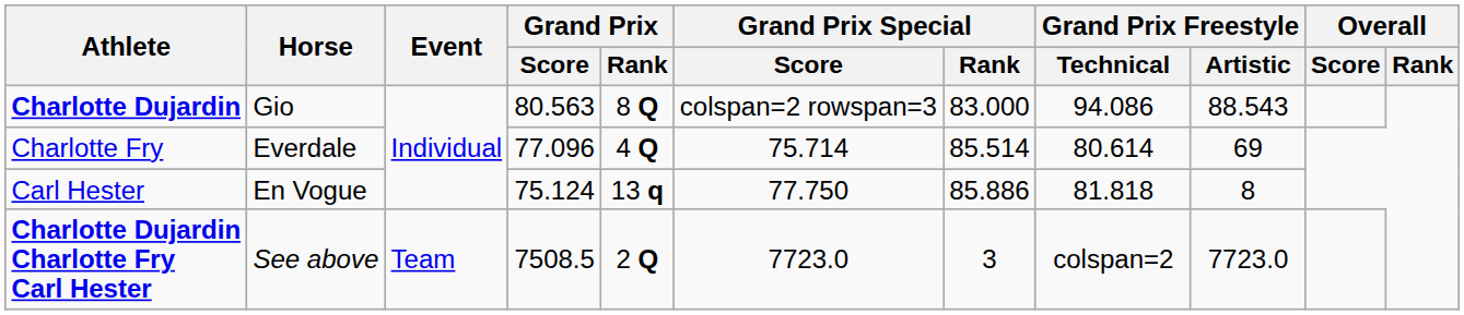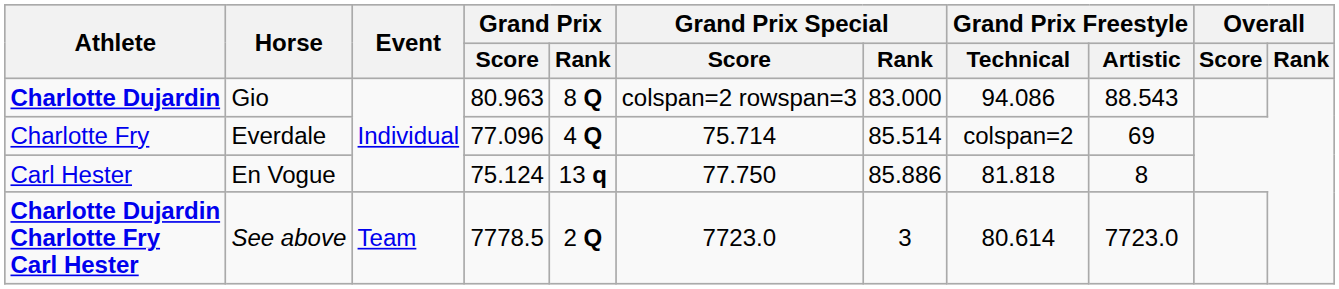 <table class=wikitable style=font-size:90%;text-align:center>
 <tr>
 <th rowspan=2>Athlete</th>
 <th rowspan=2>Horse</th>
 <th rowspan=2>Event</th>
 <th colspan=2>Grand Prix</th>
 <th colspan=2>Grand Prix Special</th>
 <th colspan=2>Grand Prix Freestyle</th>
 <th colspan=2>Overall</th>
 </tr>
 <tr style=font-size:95%>
 <th>Score</th>
 <th>Rank</th>
 <th>Score</th>
 <th>Rank</th>
 <th>Technical</th>
 <th>Artistic</th>
 <th>Score</th>
 <th>Rank</th>
 </tr>
 <tr>
 <td align=left><strong><a href='#'>Charlotte Dujardin</a></strong></td>
 <td align=left>Gio</td>
 <td rowspan=3 align=left><a href='#'>Individual</a></td>
-<td>80.563</td>
+<td>80.963</td>
 <td>8 <strong>Q</strong></td>
 <td>colspan=2 rowspan=3 </td>
 <td>83.000</td>
 <td>94.086</td>
 <td>88.543</td>
 <td></td>
 </tr>
 <tr>
 <td align=left><a href='#'>Charlotte Fry</a></td>
 <td align=left>Everdale</td>
 <td>77.096</td>
 <td>4 <strong>Q</strong></td>
 <td>75.714</td>
 <td>85.514</td>
-<td>80.614</td>
+<td>colspan=2 </td>
 <td>69</td>
 </tr>
 <tr>
 <td align=left><a href='#'>Carl Hester</a></td>
 <td align=left>En Vogue</td>
 <td>75.124</td>
 <td>13 <strong>q</strong></td>
 <td>77.750</td>
 <td>85.886</td>
 <td>81.818</td>
 <td>8</td>
 </tr>
 <tr>
 <td align=left><strong><a href='#'>Charlotte Dujardin</a><br><a href='#'>Charlotte Fry</a><br><a href='#'>Carl Hester</a></strong></td>
 <td align=left><em>See above</em></td>
 <td align=left><a href='#'>Team</a></td>
-<td>7508.5</td>
+<td>7778.5</td>
 <td>2 <strong>Q</strong></td>
 <td>7723.0</td>
 <td>3</td>
-<td>colspan=2 </td>
+<td>80.614</td>
 <td>7723.0</td>
 <td></td>
 </tr>
 </table>
